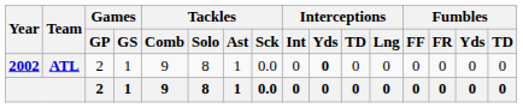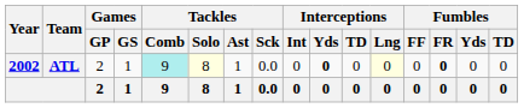 <table class="wikitable" style="text-align:center">
 <tr>
 <th rowspan="2">Year</th>
 <th rowspan="2">Team</th>
 <th colspan="2">Games</th>
 <th colspan="4">Tackles</th>
 <th colspan="4">Interceptions</th>
 <th colspan="4">Fumbles</th>
 </tr>
 <tr>
 <th>GP</th>
 <th>GS</th>
 <th>Comb</th>
 <th>Solo</th>
 <th>Ast</th>
 <th>Sck</th>
 <th>Int</th>
 <th>Yds</th>
 <th>TD</th>
 <th>Lng</th>
 <th>FF</th>
 <th>FR</th>
 <th>Yds</th>
 <th>TD</th>
 </tr>
 <tr>
 <th><a href='#'>2002</a></th>
 <th><a href='#'>ATL</a></th>
 <td>2</td>
 <td>1</td>
-<td>9</td>
-<td>8</td>
+<td style="background: paleturquoise;">9</td>
+<td style="background: lightyellow;">8</td>
 <td>1</td>
 <td>0.0</td>
 <td>0</td>
 <td><strong>0</strong></td>
 <td>0</td>
+<td style="background: lightyellow;">0</td>
 <td>0</td>
-<td>0</td>
-<td>0</td>
+<td><strong>0</strong></td>
 <td>0</td>
 <td>0</td>
 </tr>
 <tr>
 <th colspan="2"></th>
 <th>2</th>
 <th>1</th>
 <th>9</th>
 <th>8</th>
 <th>1</th>
 <th>0.0</th>
 <th>0</th>
 <th>0</th>
 <th>0</th>
 <th>0</th>
 <th>0</th>
 <th>0</th>
 <th>0</th>
 <th>0</th>
 </tr>
 </table>
